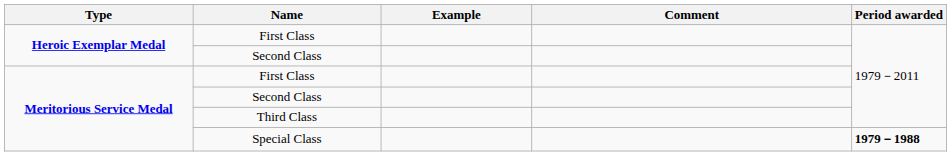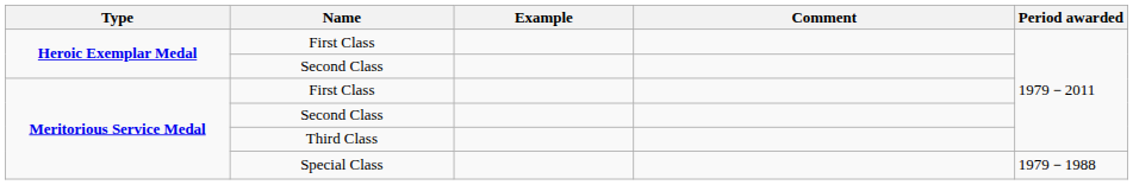 <table class="wikitable">
 <tr>
 <th width="20%">Type</th>
 <th width="20%">Name</th>
 <th width="16%">Example</th>
 <th>Comment</th>
 <th width="10%">Period awarded</th>
 </tr>
 <tr>
 <td rowspan=2 style="text-align: center;"><strong><a href='#'>Heroic Exemplar Medal</a></strong></td>
 <td style="text-align: center;">First Class</td>
 <td></td>
 <td></td>
 <td rowspan=5>1979－2011</td>
 </tr>
 <tr>
 <td style="text-align: center;">Second Class</td>
 <td></td>
 <td></td>
 </tr>
 <tr>
 <td rowspan=4 style="text-align: center;"><strong><a href='#'>Meritorious Service Medal</a></strong></td>
 <td style="text-align: center;">First Class</td>
 <td></td>
 <td></td>
 </tr>
 <tr>
 <td style="text-align: center;">Second Class</td>
 <td></td>
 <td></td>
 </tr>
 <tr>
 <td style="text-align: center;">Third Class</td>
 <td></td>
 <td></td>
 </tr>
 <tr>
 <td style="text-align: center;">Special Class</td>
 <td></td>
 <td></td>
-<td><strong>1979－1988</strong></td>
+<td>1979－1988</td>
 </tr>
 </table>
